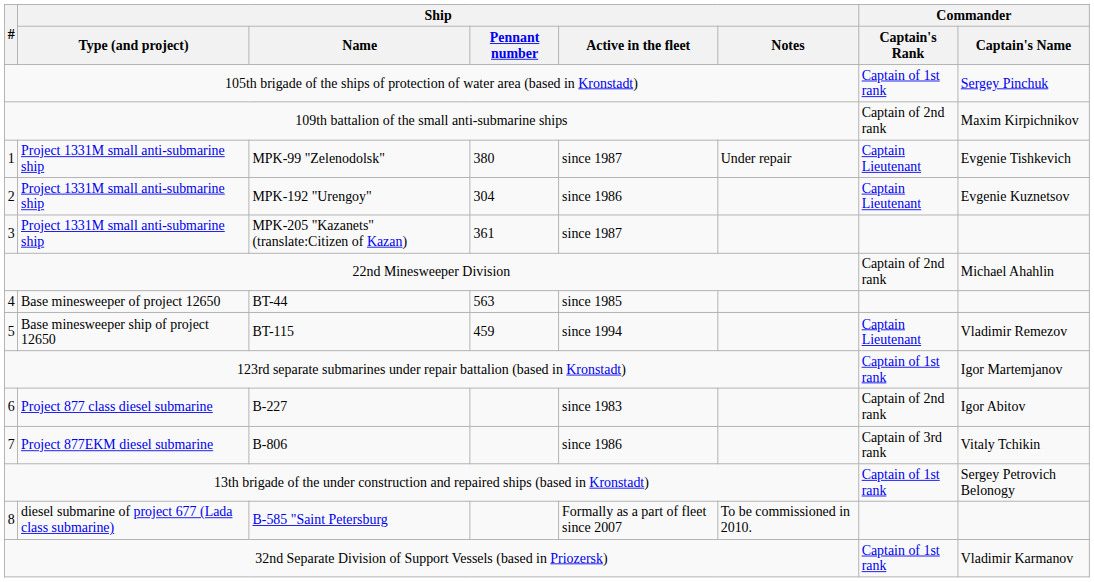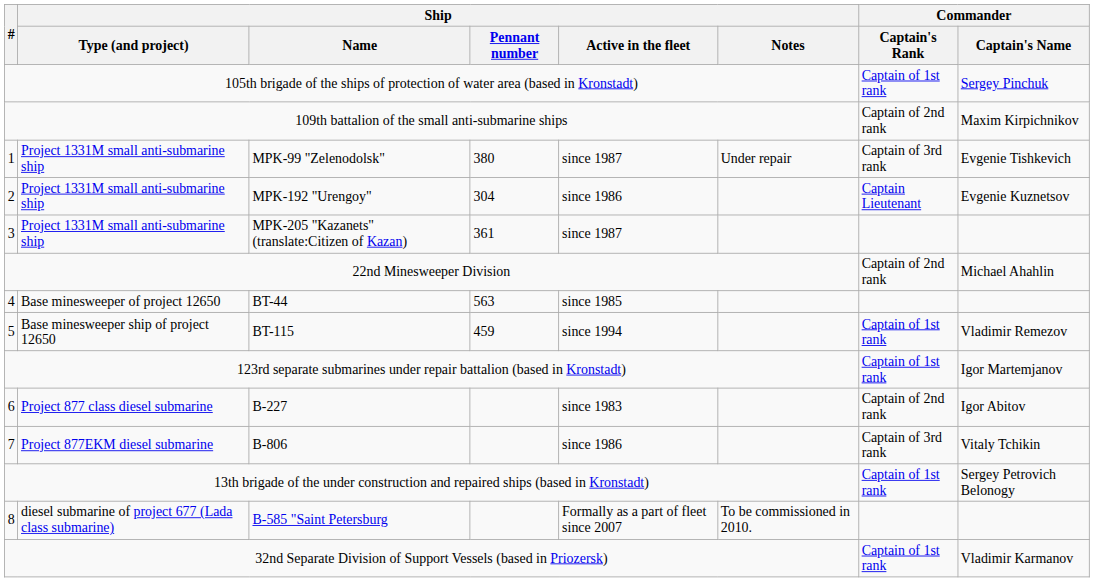 <table class="wikitable">
 <tr>
 <th rowspan=2>#</th>
 <th colspan=5>Ship</th>
 <th colspan=2>Commander</th>
 </tr>
 <tr>
 <th>Type (and project)</th>
 <th>Name</th>
 <th><a href='#'>Pennant number</a></th>
 <th>Active in the fleet</th>
 <th>Notes</th>
 <th>Captain's Rank</th>
 <th>Captain's Name</th>
 </tr>
 <tr>
 <td colspan=6 align="center">105th brigade of the ships of protection of water area (based in <a href='#'>Kronstadt</a>)</td>
 <td><a href='#'>Captain of 1st rank</a></td>
 <td><a href='#'>Sergey Pinchuk</a></td>
 </tr>
 <tr>
 <td colspan=6 align="center">109th battalion of the small anti-submarine ships</td>
 <td>Captain of 2nd rank</td>
 <td>Maxim Kirpichnikov</td>
 </tr>
 <tr>
 <td>1</td>
 <td><a href='#'>Project 1331M small anti-submarine ship</a></td>
 <td>MPK-99 "Zelenodolsk" <em></em></td>
 <td>380</td>
 <td>since 1987</td>
 <td>Under repair</td>
-<td><a href='#'>Captain Lieutenant</a></td>
+<td>Captain of 3rd rank</td>
 <td>Evgenie Tishkevich</td>
 </tr>
 <tr>
 <td>2</td>
 <td><a href='#'>Project 1331M small anti-submarine ship</a></td>
 <td>MPK-192 "Urengoy" <em></em></td>
 <td>304</td>
 <td>since 1986</td>
 <td></td>
 <td><a href='#'>Captain Lieutenant</a></td>
 <td>Evgenie Kuznetsov</td>
 </tr>
 <tr>
 <td>3</td>
 <td><a href='#'>Project 1331M small anti-submarine ship</a></td>
 <td>MPK-205 "Kazanets" (translate:Citizen of <a href='#'>Kazan</a>) <em></em></td>
 <td>361</td>
 <td>since 1987</td>
 <td></td>
 <td></td>
 <td></td>
 </tr>
 <tr>
 <td colspan=6 align="center">22nd Minesweeper Division</td>
 <td>Captain of 2nd rank</td>
 <td>Michael Ahahlin</td>
 </tr>
 <tr>
 <td>4</td>
 <td>Base minesweeper of project 12650</td>
 <td>BT-44 <em></em></td>
 <td>563</td>
 <td>since 1985</td>
 <td></td>
 <td></td>
 <td></td>
 </tr>
 <tr>
 <td>5</td>
 <td>Base minesweeper ship of project 12650</td>
 <td>BT-115 <em></em></td>
 <td>459</td>
 <td>since 1994</td>
 <td></td>
-<td><a href='#'>Captain Lieutenant</a></td>
+<td><a href='#'>Captain of 1st rank</a></td>
 <td>Vladimir Remezov</td>
 </tr>
 <tr>
 <td colspan=6 align="center">123rd separate submarines under repair battalion (based in <a href='#'>Kronstadt</a>)</td>
 <td><a href='#'>Captain of 1st rank</a></td>
 <td>Igor Martemjanov</td>
 </tr>
 <tr>
 <td>6</td>
 <td><a href='#'>Project 877 class diesel submarine</a></td>
 <td>B-227 <em></em></td>
 <td></td>
 <td>since 1983</td>
 <td></td>
 <td>Captain of 2nd rank</td>
 <td>Igor Abitov</td>
 </tr>
 <tr>
 <td>7</td>
 <td><a href='#'>Project 877EKM diesel submarine</a></td>
 <td>B-806 <em></em></td>
 <td></td>
 <td>since 1986</td>
 <td></td>
 <td>Captain of 3rd rank</td>
 <td>Vitaly Tchikin</td>
 </tr>
 <tr>
 <td colspan=6 align="center">13th brigade of the under construction and repaired ships (based in <a href='#'>Kronstadt</a>)</td>
 <td><a href='#'>Captain of 1st rank</a></td>
 <td>Sergey Petrovich Belonogy </td>
 </tr>
 <tr>
 <td>8</td>
 <td>diesel submarine of <a href='#'>project 677 (Lada class submarine)</a></td>
 <td><a href='#'>B-585 "Saint Petersburg<em></a> </em><em></td>
 <td></td>
 <td>Formally as a part of fleet since 2007</td>
 <td>To be commissioned in 2010.</td>
 <td></td>
 <td></td>
 </tr>
 <tr>
 <td colspan=6 align="center">32nd Separate Division of Support Vessels (based in <a href='#'>Priozersk</a>)</td>
 <td><a href='#'>Captain of 1st rank</a></td>
 <td>Vladimir Karmanov</td>
 </tr>
 </table>
